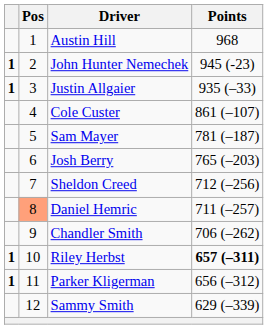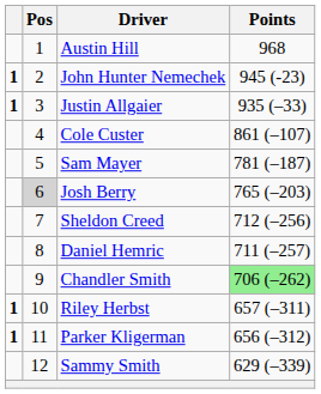 <table class="wikitable" style="font-size: 95%;">
 <tr>
 <th></th>
 <th>Pos</th>
 <th>Driver</th>
 <th>Points</th>
 </tr>
 <tr>
 <td align="left"></td>
 <td style="text-align:center;">1</td>
 <td><a href='#'>Austin Hill</a></td>
 <td style="text-align:center;">968</td>
 </tr>
 <tr>
 <td align="left"> <strong>1</strong></td>
 <td style="text-align:center;">2</td>
 <td><a href='#'>John Hunter Nemechek</a></td>
 <td style="text-align:center;">945 (-23)</td>
 </tr>
 <tr>
 <td align="left"> <strong>1</strong></td>
 <td style="text-align:center;">3</td>
 <td><a href='#'>Justin Allgaier</a></td>
 <td style="text-align:center;">935 (–33)</td>
 </tr>
 <tr>
 <td align="left"></td>
 <td style="text-align:center;">4</td>
 <td><a href='#'>Cole Custer</a></td>
 <td style="text-align:center;">861 (–107)</td>
 </tr>
 <tr>
 <td align="left"></td>
 <td style="text-align:center;">5</td>
 <td><a href='#'>Sam Mayer</a></td>
 <td style="text-align:center;">781 (–187)</td>
 </tr>
 <tr>
 <td align="left"></td>
-<td style="text-align:center;">6</td>
+<td style="background: lightgrey; text-align:center;">6</td>
 <td><a href='#'>Josh Berry</a></td>
 <td style="text-align:center;">765 (–203)</td>
 </tr>
 <tr>
 <td align="left"></td>
 <td style="text-align:center;">7</td>
 <td><a href='#'>Sheldon Creed</a></td>
 <td style="text-align:center;">712 (–256)</td>
 </tr>
 <tr>
 <td align="left"></td>
-<td style="background: lightsalmon; text-align:center;">8</td>
+<td style="text-align:center;">8</td>
 <td><a href='#'>Daniel Hemric</a></td>
 <td style="text-align:center;">711 (–257)</td>
 </tr>
 <tr>
 <td align="left"></td>
 <td style="text-align:center;">9</td>
 <td><a href='#'>Chandler Smith</a></td>
-<td style="text-align:center;">706 (–262)</td>
+<td style="background: lightgreen; text-align:center;">706 (–262)</td>
 </tr>
 <tr>
 <td align="left"> <strong>1</strong></td>
 <td style="text-align:center;">10</td>
 <td><a href='#'>Riley Herbst</a></td>
-<td style="text-align:center;"><strong>657 (–311)</strong></td>
+<td style="text-align:center;">657 (–311)</td>
 </tr>
 <tr>
 <td align="left"> <strong>1</strong></td>
 <td style="text-align:center;">11</td>
 <td><a href='#'>Parker Kligerman</a></td>
 <td style="text-align:center;">656 (–312)</td>
 </tr>
 <tr>
 <td align="left"></td>
 <td style="text-align:center;">12</td>
 <td><a href='#'>Sammy Smith</a></td>
 <td style="text-align:center;">629 (–339)</td>
 </tr>
 <tr class="sortbottom">
 <th colspan="9"></th>
 </tr>
 </table>
